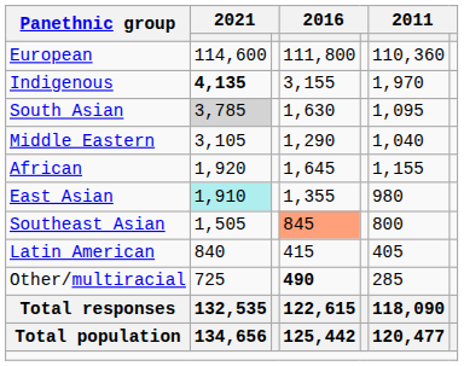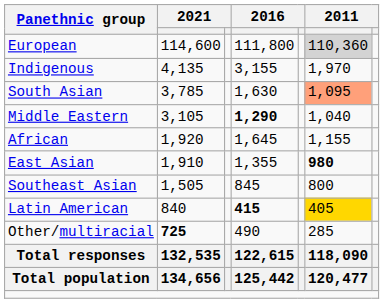 <table class="wikitable collapsible sortable">
 <tr>
 <th rowspan="2"><a href='#'>Panethnic</a> group</th>
 <th colspan="2">2021</th>
 <th colspan="2">2016</th>
 <th colspan="2">2011</th>
 </tr>
 <tr>
 <th><a href='#'></a></th>
 <th></th>
 <th></th>
 <th></th>
 <th></th>
 <th></th>
 </tr>
 <tr>
 <td><a href='#'>European</a></td>
 <td>114,600</td>
 <td></td>
 <td>111,800</td>
 <td></td>
-<td>110,360</td>
+<td style="background: lightgrey;">110,360</td>
 <td></td>
 </tr>
 <tr>
 <td><a href='#'>Indigenous</a></td>
-<td><strong>4,135</strong></td>
+<td>4,135</td>
 <td></td>
 <td>3,155</td>
 <td></td>
 <td>1,970</td>
 <td></td>
 </tr>
 <tr>
 <td><a href='#'>South Asian</a></td>
-<td style="background: lightgrey;">3,785</td>
+<td>3,785</td>
 <td></td>
 <td>1,630</td>
 <td></td>
-<td>1,095</td>
+<td style="background: lightsalmon;">1,095</td>
 <td></td>
 </tr>
 <tr>
 <td><a href='#'>Middle Eastern</a></td>
 <td>3,105</td>
 <td></td>
-<td>1,290</td>
+<td><strong>1,290</strong></td>
 <td></td>
 <td>1,040</td>
 <td></td>
 </tr>
 <tr>
 <td><a href='#'>African</a></td>
 <td>1,920</td>
 <td></td>
 <td>1,645</td>
 <td></td>
 <td>1,155</td>
 <td></td>
 </tr>
 <tr>
 <td><a href='#'>East Asian</a></td>
-<td style="background: paleturquoise;">1,910</td>
+<td>1,910</td>
 <td></td>
 <td>1,355</td>
 <td></td>
-<td>980</td>
+<td><strong>980</strong></td>
 <td></td>
 </tr>
 <tr>
 <td><a href='#'>Southeast Asian</a></td>
 <td>1,505</td>
 <td></td>
-<td style="background: lightsalmon;">845</td>
+<td>845</td>
 <td></td>
 <td>800</td>
 <td></td>
 </tr>
 <tr>
 <td><a href='#'>Latin American</a></td>
 <td>840</td>
 <td></td>
-<td>415</td>
+<td><strong>415</strong></td>
 <td></td>
-<td>405</td>
+<td style="background: gold;">405</td>
 <td></td>
 </tr>
 <tr>
 <td>Other/<a href='#'>multiracial</a></td>
-<td>725</td>
+<td><strong>725</strong></td>
 <td></td>
-<td><strong>490</strong></td>
+<td>490</td>
 <td></td>
 <td>285</td>
 <td></td>
 </tr>
 <tr>
 <th>Total responses</th>
 <th>132,535</th>
 <th></th>
 <th>122,615</th>
 <th></th>
 <th>118,090</th>
 <th></th>
 </tr>
 <tr class="sortbottom">
 <th>Total population</th>
 <th>134,656</th>
 <th></th>
 <th>125,442</th>
 <th></th>
 <th>120,477</th>
 <th></th>
 </tr>
 <tr class="sortbottom">
 <td colspan="15"></td>
 </tr>
 </table>
